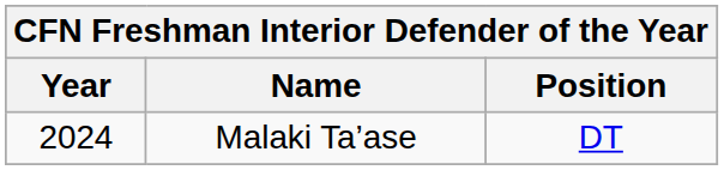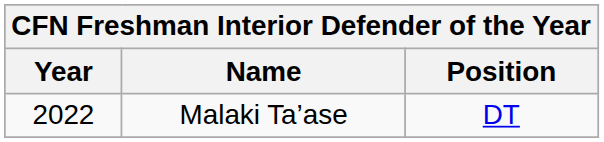 <table class="wikitable">
 <tr align="center">
 <th colspan=5>CFN Freshman Interior Defender of the Year</th>
 </tr>
 <tr>
 <th>Year</th>
 <th>Name</th>
 <th>Position</th>
 </tr>
 <tr align="center" bgcolor="">
-<td>2024</td>
+<td>2022</td>
 <td>Malaki Ta’ase</td>
 <td><a href='#'>DT</a></td>
 </tr>
 </table>
